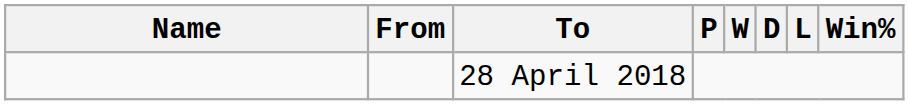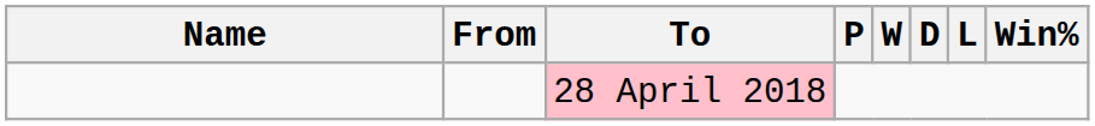 <table class="wikitable sortable" style="text-align: center;">
 <tr>
 <th style="width:12em">Name</th>
 <th>From</th>
 <th>To</th>
 <th>P</th>
 <th>W</th>
 <th>D</th>
 <th>L</th>
 <th>Win%</th>
 </tr>
 <tr>
 <td align=left></td>
 <td></td>
-<td>28 April 2018<br></td>
+<td style="background: pink;">28 April 2018<br></td>
 </tr>
 </table>
